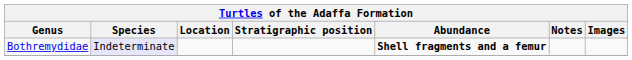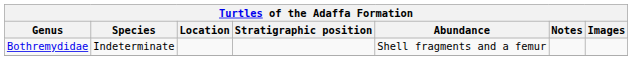 <table class="wikitable" align="center">
 <tr>
 <th colspan="7" align="center"><strong><a href='#'>Turtles</a> of the Adaffa Formation</strong></th>
 </tr>
 <tr>
 <th>Genus</th>
 <th>Species</th>
 <th>Location</th>
 <th>Stratigraphic position</th>
 <th>Abundance</th>
 <th>Notes</th>
 <th>Images</th>
 </tr>
 <tr>
 <td><a href='#'>Bothremydidae</a></td>
-<td style="background: lavender;">Indeterminate</td>
+<td>Indeterminate</td>
 <td></td>
 <td></td>
-<td><strong>Shell fragments and a femur</strong></td>
+<td>Shell fragments and a femur</td>
 <td></td>
 <td></td>
 </tr>
 <tr>
 </tr>
 </table>
